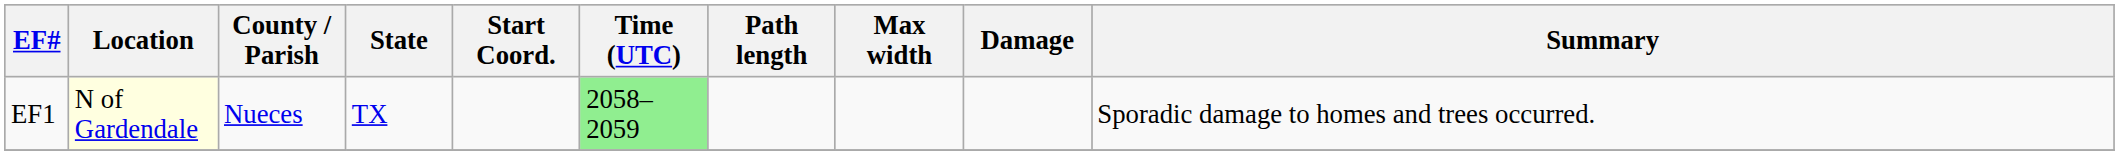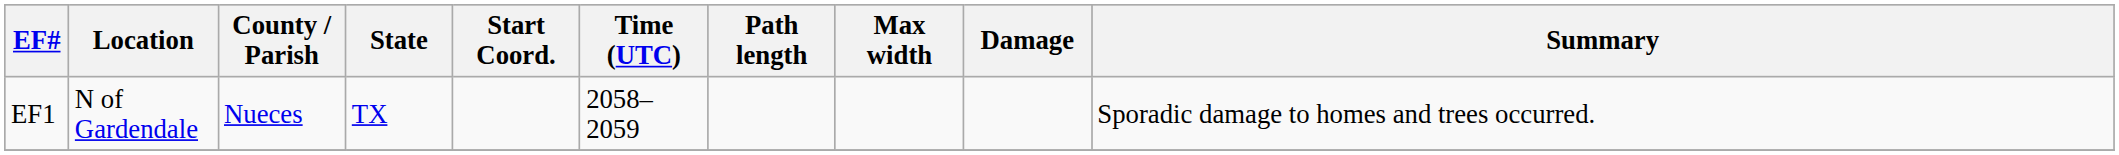 <table class="wikitable sortable" style="width:100%;">
 <tr>
 <th scope="col" width="3%" align="center"><a href='#'>EF#</a></th>
 <th scope="col" width="7%" align="center" class="unsortable">Location</th>
 <th scope="col" width="6%" align="center" class="unsortable">County / Parish</th>
 <th scope="col" width="5%" align="center">State</th>
 <th scope="col" width="6%" align="center">Start Coord.</th>
 <th scope="col" width="6%" align="center">Time (<a href='#'>UTC</a>)</th>
 <th scope="col" width="6%" align="center">Path length</th>
 <th scope="col" width="6%" align="center">Max width</th>
 <th scope="col" width="6%" align="center">Damage</th>
 <th scope="col" width="48%" class="unsortable" align="center">Summary</th>
 </tr>
 <tr>
 <td>EF1</td>
-<td style="background: lightyellow;">N of <a href='#'>Gardendale</a></td>
+<td>N of <a href='#'>Gardendale</a></td>
 <td><a href='#'>Nueces</a></td>
 <td><a href='#'>TX</a></td>
 <td></td>
-<td style="background: lightgreen;">2058–2059</td>
+<td>2058–2059</td>
 <td></td>
 <td></td>
 <td></td>
 <td>Sporadic damage to homes and trees occurred.</td>
 </tr>
 <tr>
 </tr>
 </table>
